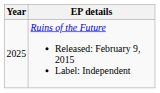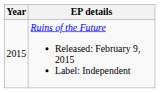 <table class="wikitable">
 <tr>
 <th>Year</th>
 <th style="width:200px;">EP details</th>
 </tr>
 <tr>
-<td>2025</td>
+<td>2015</td>
 <td style="text-align:left;"><em><a href='#'>Ruins of the Future</a></em><br><ul><li>Released: February 9, 2015</li><li>Label: Independent</li></ul></td>
 </tr>
 </table>
